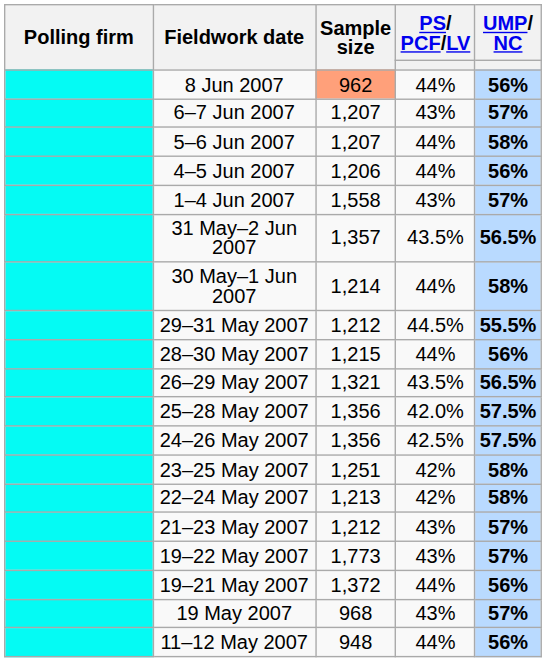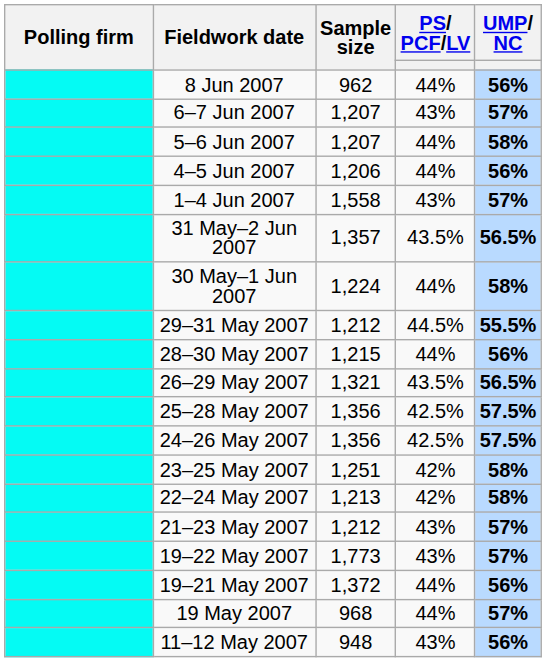 <table class="wikitable sortable" style="text-align:center;font-size:90%;line-height:14px;">
 <tr style="height:40px;">
 <th style="width:100px;" rowspan="2">Polling firm</th>
 <th style="width:110px;" rowspan="2">Fieldwork date</th>
 <th style="width:35px;" rowspan="2">Sample<br>size</th>
 <th class="unsortable" style="width:40px;"><a href='#'>PS</a>/<br><a href='#'>PCF</a>/<a href='#'>LV</a></th>
 <th class="unsortable" style="width:40px;"><a href='#'>UMP</a>/<br><a href='#'>NC</a></th>
 </tr>
 <tr>
 <th style="background:"></th>
 <th style="background:"></th>
 </tr>
 <tr>
 <td style="background:#04FBF4;"></td>
 <td data-sort-value="2007-06-08">8 Jun 2007</td>
-<td style="background: lightsalmon;">962</td>
+<td>962</td>
 <td>44%</td>
 <td style="background:#B9DAFF;"><strong>56%</strong></td>
 </tr>
 <tr>
 <td style="background:#04FBF4;"></td>
 <td data-sort-value="2007-06-07">6–7 Jun 2007</td>
 <td>1,207</td>
 <td>43%</td>
 <td style="background:#B9DAFF;"><strong>57%</strong></td>
 </tr>
 <tr>
 <td style="background:#04FBF4;"></td>
 <td data-sort-value="2007-06-06">5–6 Jun 2007</td>
 <td>1,207</td>
 <td>44%</td>
 <td style="background:#B9DAFF;"><strong>58%</strong></td>
 </tr>
 <tr>
 <td style="background:#04FBF4;"></td>
 <td data-sort-value="2007-06-05">4–5 Jun 2007</td>
 <td>1,206</td>
 <td>44%</td>
 <td style="background:#B9DAFF;"><strong>56%</strong></td>
 </tr>
 <tr>
 <td style="background:#04FBF4;"></td>
 <td data-sort-value="2007-06-04">1–4 Jun 2007</td>
 <td>1,558</td>
 <td>43%</td>
 <td style="background:#B9DAFF;"><strong>57%</strong></td>
 </tr>
 <tr>
 <td style="background:#04FBF4;"></td>
 <td data-sort-value="2007-06-02">31 May–2 Jun 2007</td>
 <td>1,357</td>
 <td>43.5%</td>
 <td style="background:#B9DAFF;"><strong>56.5%</strong></td>
 </tr>
 <tr>
 <td style="background:#04FBF4;"></td>
 <td data-sort-value="2007-06-01">30 May–1 Jun 2007</td>
-<td>1,214</td>
+<td>1,224</td>
 <td>44%</td>
 <td style="background:#B9DAFF;"><strong>58%</strong></td>
 </tr>
 <tr>
 <td style="background:#04FBF4;"></td>
 <td data-sort-value="2007-05-31">29–31 May 2007</td>
 <td>1,212</td>
 <td>44.5%</td>
 <td style="background:#B9DAFF;"><strong>55.5%</strong></td>
 </tr>
 <tr>
 <td style="background:#04FBF4;"></td>
 <td data-sort-value="2007-05-30">28–30 May 2007</td>
 <td>1,215</td>
 <td>44%</td>
 <td style="background:#B9DAFF;"><strong>56%</strong></td>
 </tr>
 <tr>
 <td style="background:#04FBF4;"></td>
 <td data-sort-value="2007-05-29">26–29 May 2007</td>
 <td>1,321</td>
 <td>43.5%</td>
 <td style="background:#B9DAFF;"><strong>56.5%</strong></td>
 </tr>
 <tr>
 <td style="background:#04FBF4;"></td>
 <td data-sort-value="2007-05-28">25–28 May 2007</td>
 <td>1,356</td>
-<td>42.0%</td>
+<td>42.5%</td>
 <td style="background:#B9DAFF;"><strong>57.5%</strong></td>
 </tr>
 <tr>
 <td style="background:#04FBF4;"></td>
 <td data-sort-value="2007-05-26">24–26 May 2007</td>
 <td>1,356</td>
 <td>42.5%</td>
 <td style="background:#B9DAFF;"><strong>57.5%</strong></td>
 </tr>
 <tr>
 <td style="background:#04FBF4;"></td>
 <td data-sort-value="2007-05-25">23–25 May 2007</td>
 <td>1,251</td>
 <td>42%</td>
 <td style="background:#B9DAFF;"><strong>58%</strong></td>
 </tr>
 <tr>
 <td style="background:#04FBF4;"></td>
 <td data-sort-value="2007-05-24">22–24 May 2007</td>
 <td>1,213</td>
 <td>42%</td>
 <td style="background:#B9DAFF;"><strong>58%</strong></td>
 </tr>
 <tr>
 <td style="background:#04FBF4;"></td>
 <td data-sort-value="2007-05-23">21–23 May 2007</td>
 <td>1,212</td>
 <td>43%</td>
 <td style="background:#B9DAFF;"><strong>57%</strong></td>
 </tr>
 <tr>
 <td style="background:#04FBF4;"></td>
 <td data-sort-value="2007-05-22">19–22 May 2007</td>
 <td>1,773</td>
 <td>43%</td>
 <td style="background:#B9DAFF;"><strong>57%</strong></td>
 </tr>
 <tr>
 <td style="background:#04FBF4;"></td>
 <td data-sort-value="2007-05-21">19–21 May 2007</td>
 <td>1,372</td>
 <td>44%</td>
 <td style="background:#B9DAFF;"><strong>56%</strong></td>
 </tr>
 <tr>
 <td style="background:#04FBF4;"></td>
 <td data-sort-value="2007-05-19">19 May 2007</td>
 <td>968</td>
-<td>43%</td>
+<td>44%</td>
 <td style="background:#B9DAFF;"><strong>57%</strong></td>
 </tr>
 <tr>
 <td style="background:#04FBF4;"></td>
 <td data-sort-value="2007-05-12">11–12 May 2007</td>
 <td>948</td>
-<td>44%</td>
+<td>43%</td>
 <td style="background:#B9DAFF;"><strong>56%</strong></td>
 </tr>
 </table>
